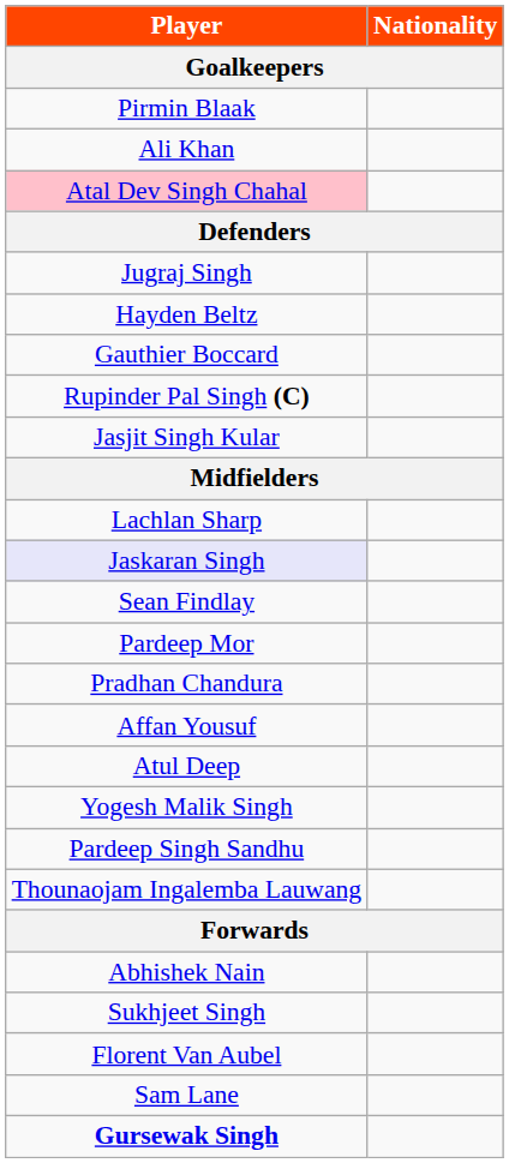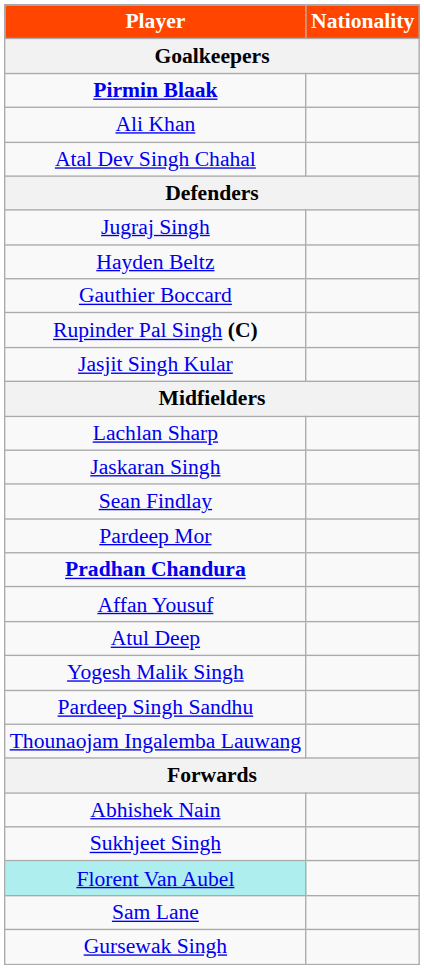 <table class="wikitable" style="text-align:center;">
 <tr>
 <th style="background: #FF4500; color:#FFFFFF">Player</th>
 <th style="background: #FF4500; color:#FFFFFF">Nationality</th>
 </tr>
 <tr>
 <th colspan=3>Goalkeepers</th>
 </tr>
 <tr>
-<td><a href='#'>Pirmin Blaak</a></td>
+<td><strong><a href='#'>Pirmin Blaak</a></strong></td>
 <td></td>
 </tr>
 <tr>
 <td><a href='#'>Ali Khan</a></td>
 <td></td>
 </tr>
 <tr>
-<td style="background: pink;"><a href='#'>Atal Dev Singh Chahal</a></td>
+<td><a href='#'>Atal Dev Singh Chahal</a></td>
 <td></td>
 </tr>
 <tr>
 <th colspan=3>Defenders</th>
 </tr>
 <tr>
 <td><a href='#'>Jugraj Singh</a></td>
 <td></td>
 </tr>
 <tr>
 <td><a href='#'>Hayden Beltz</a></td>
 <td></td>
 </tr>
 <tr>
 <td><a href='#'>Gauthier Boccard</a></td>
 <td></td>
 </tr>
 <tr>
 <td><a href='#'>Rupinder Pal Singh</a> <strong>(C)</strong></td>
 <td></td>
 </tr>
 <tr>
 <td><a href='#'>Jasjit Singh Kular</a></td>
 <td></td>
 </tr>
 <tr>
 <th colspan=3>Midfielders</th>
 </tr>
 <tr>
 <td><a href='#'>Lachlan Sharp</a></td>
 <td></td>
 </tr>
 <tr>
-<td style="background: lavender;"><a href='#'>Jaskaran Singh</a></td>
+<td><a href='#'>Jaskaran Singh</a></td>
 <td></td>
 </tr>
 <tr>
 <td><a href='#'>Sean Findlay</a></td>
 <td></td>
 </tr>
 <tr>
 <td><a href='#'>Pardeep Mor</a></td>
 <td></td>
 </tr>
 <tr>
-<td><a href='#'>Pradhan Chandura</a></td>
+<td><strong><a href='#'>Pradhan Chandura</a></strong></td>
 <td></td>
 </tr>
 <tr>
 <td><a href='#'>Affan Yousuf</a></td>
 <td></td>
 </tr>
 <tr>
 <td><a href='#'>Atul Deep</a></td>
 <td></td>
 </tr>
 <tr>
 <td><a href='#'>Yogesh Malik Singh</a></td>
 <td></td>
 </tr>
 <tr>
 <td><a href='#'>Pardeep Singh Sandhu</a></td>
 <td></td>
 </tr>
 <tr>
 <td><a href='#'>Thounaojam Ingalemba Lauwang</a></td>
 <td></td>
 </tr>
 <tr>
 <th colspan=3>Forwards</th>
 </tr>
 <tr>
 <td><a href='#'>Abhishek Nain</a></td>
 <td></td>
 </tr>
 <tr>
 <td><a href='#'>Sukhjeet Singh</a></td>
 <td></td>
 </tr>
 <tr>
-<td><a href='#'>Florent Van Aubel</a></td>
+<td style="background: paleturquoise;"><a href='#'>Florent Van Aubel</a></td>
 <td></td>
 </tr>
 <tr>
 <td><a href='#'>Sam Lane</a></td>
 <td></td>
 </tr>
 <tr>
-<td><strong><a href='#'>Gursewak Singh</a></strong></td>
+<td><a href='#'>Gursewak Singh</a></td>
 <td></td>
 </tr>
 </table>
